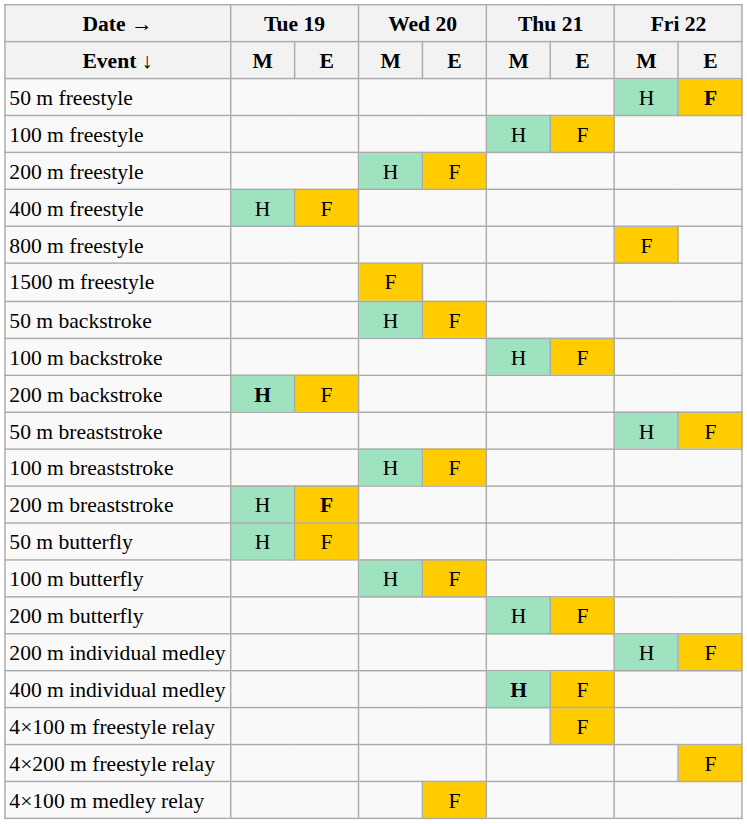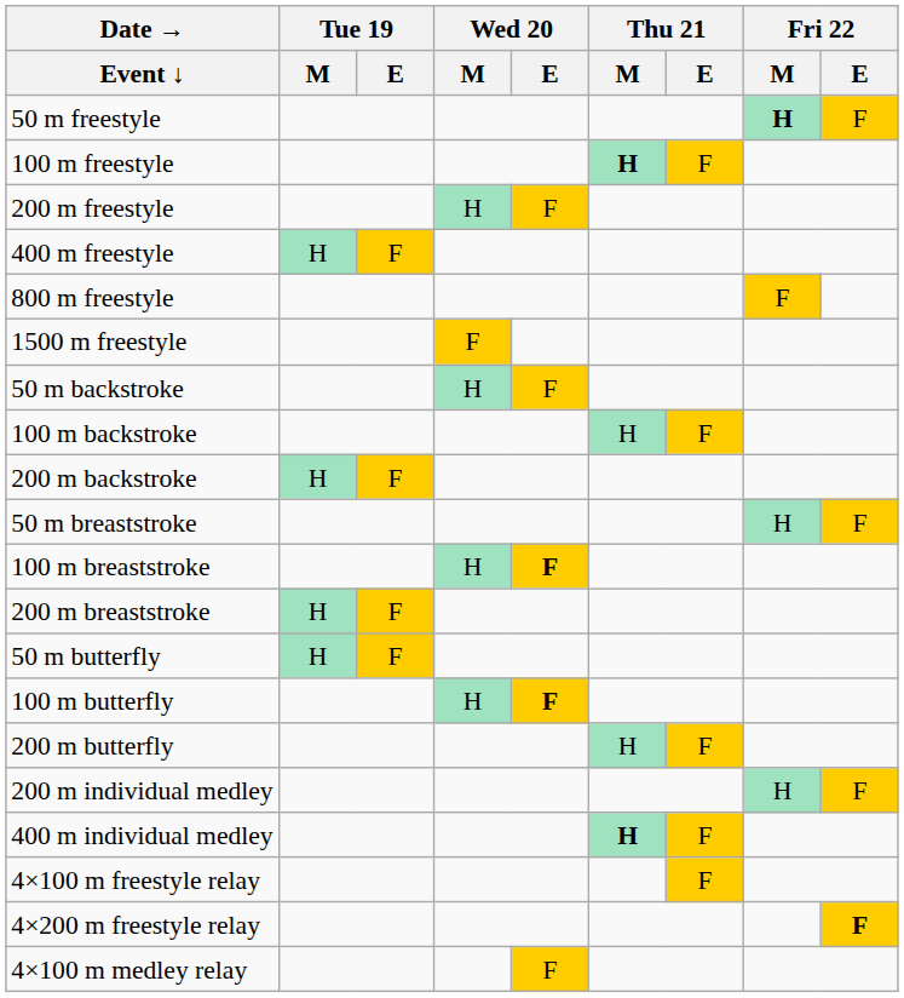 <table class="wikitable" style="margin:0.5em auto; font-size:95%; line-height:1.25em;">
 <tr style="text-align:center;">
 <th>Date →</th>
 <th colspan="2">Tue 19</th>
 <th colspan="2">Wed 20</th>
 <th colspan="2">Thu 21</th>
 <th colspan="2">Fri 22</th>
 </tr>
 <tr>
 <th>Event   ↓</th>
 <th style="width:2.5em;">M</th>
 <th style="width:2.5em;">E</th>
 <th style="width:2.5em;">M</th>
 <th style="width:2.5em;">E</th>
 <th style="width:2.5em;">M</th>
 <th style="width:2.5em;">E</th>
 <th style="width:2.5em;">M</th>
 <th style="width:2.5em;">E</th>
 </tr>
 <tr style="text-align:center;">
 <td style="text-align:left;">50 m freestyle</td>
 <td colspan="2"></td>
 <td colspan="2"></td>
 <td colspan="2"></td>
-<td style="background-color:#9fe2bf;">H</td>
-<td style="background-color:#ffcc00;"><strong>F</strong></td>
+<td style="background-color:#9fe2bf;"><strong>H</strong></td>
+<td style="background-color:#ffcc00;">F</td>
 </tr>
 <tr style="text-align:center;">
 <td style="text-align:left;">100 m freestyle</td>
 <td colspan="2"></td>
 <td colspan="2"></td>
-<td style="background-color:#9fe2bf;">H</td>
+<td style="background-color:#9fe2bf;"><strong>H</strong></td>
 <td style="background-color:#ffcc00;">F</td>
 <td colspan="2"></td>
 </tr>
 <tr style="text-align:center;">
 <td style="text-align:left;">200 m freestyle</td>
 <td colspan="2"></td>
 <td style="background-color:#9fe2bf;">H</td>
 <td style="background-color:#ffcc00;">F</td>
 <td colspan="2"></td>
 <td colspan="2"></td>
 </tr>
 <tr style="text-align:center;">
 <td style="text-align:left;">400 m freestyle</td>
 <td style="background-color:#9fe2bf;">H</td>
 <td style="background-color:#ffcc00;">F</td>
 <td colspan="2"></td>
 <td colspan="2"></td>
 <td colspan="2"></td>
 </tr>
 <tr style="text-align:center;">
 <td style="text-align:left;">800 m freestyle</td>
 <td colspan="2"></td>
 <td colspan="2"></td>
 <td colspan="2"></td>
 <td style="background-color:#ffcc00;">F</td>
 <td></td>
 </tr>
 <tr style="text-align:center;">
 <td style="text-align:left;">1500 m freestyle</td>
 <td colspan="2"></td>
 <td style="background-color:#ffcc00;">F</td>
 <td></td>
 <td colspan="2"></td>
 <td colspan="2"></td>
 </tr>
 <tr style="text-align:center;">
 <td style="text-align:left;">50 m backstroke</td>
 <td colspan="2"></td>
 <td style="background-color:#9fe2bf;">H</td>
 <td style="background-color:#ffcc00;">F</td>
 <td colspan="2"></td>
 <td colspan="2"></td>
 </tr>
 <tr style="text-align:center;">
 <td style="text-align:left;">100 m backstroke</td>
 <td colspan="2"></td>
 <td colspan="2"></td>
 <td style="background-color:#9fe2bf;">H</td>
 <td style="background-color:#ffcc00;">F</td>
 <td colspan="2"></td>
 </tr>
 <tr style="text-align:center;">
 <td style="text-align:left;">200 m backstroke</td>
-<td style="background-color:#9fe2bf;"><strong>H</strong></td>
+<td style="background-color:#9fe2bf;">H</td>
 <td style="background-color:#ffcc00;">F</td>
 <td colspan="2"></td>
 <td colspan="2"></td>
 <td colspan="2"></td>
 </tr>
 <tr style="text-align:center;">
 <td style="text-align:left;">50 m breaststroke</td>
 <td colspan="2"></td>
 <td colspan="2"></td>
 <td colspan="2"></td>
 <td style="background-color:#9fe2bf;">H</td>
 <td style="background-color:#ffcc00;">F</td>
 </tr>
 <tr style="text-align:center;">
 <td style="text-align:left;">100 m breaststroke</td>
 <td colspan="2"></td>
 <td style="background-color:#9fe2bf;">H</td>
-<td style="background-color:#ffcc00;">F</td>
+<td style="background-color:#ffcc00;"><strong>F</strong></td>
 <td colspan="2"></td>
 <td colspan="2"></td>
 </tr>
 <tr style="text-align:center;">
 <td style="text-align:left;">200 m breaststroke</td>
 <td style="background-color:#9fe2bf;">H</td>
-<td style="background-color:#ffcc00;"><strong>F</strong></td>
+<td style="background-color:#ffcc00;">F</td>
 <td colspan="2"></td>
 <td colspan="2"></td>
 <td colspan="2"></td>
 </tr>
 <tr style="text-align:center;">
 <td style="text-align:left;">50 m butterfly</td>
 <td style="background-color:#9fe2bf;">H</td>
 <td style="background-color:#ffcc00;">F</td>
 <td colspan="2"></td>
 <td colspan="2"></td>
 <td colspan="2"></td>
 </tr>
 <tr style="text-align:center;">
 <td style="text-align:left;">100 m butterfly</td>
 <td colspan="2"></td>
 <td style="background-color:#9fe2bf;">H</td>
-<td style="background-color:#ffcc00;">F</td>
+<td style="background-color:#ffcc00;"><strong>F</strong></td>
 <td colspan="2"></td>
 <td colspan="2"></td>
 </tr>
 <tr style="text-align:center;">
 <td style="text-align:left;">200 m butterfly</td>
 <td colspan="2"></td>
 <td colspan="2"></td>
 <td style="background-color:#9fe2bf;">H</td>
 <td style="background-color:#ffcc00;">F</td>
 <td colspan="2"></td>
 </tr>
 <tr style="text-align:center;">
 <td style="text-align:left;">200 m individual medley</td>
 <td colspan="2"></td>
 <td colspan="2"></td>
 <td colspan="2"></td>
 <td style="background-color:#9fe2bf;">H</td>
 <td style="background-color:#ffcc00;">F</td>
 </tr>
 <tr style="text-align:center;">
 <td style="text-align:left;">400 m individual medley</td>
 <td colspan="2"></td>
 <td colspan="2"></td>
 <td style="background-color:#9fe2bf;"><strong>H</strong></td>
 <td style="background-color:#ffcc00;">F</td>
 <td colspan="2"></td>
 </tr>
 <tr style="text-align:center;">
 <td style="text-align:left;">4×100 m freestyle relay</td>
 <td colspan="2"></td>
 <td colspan="2"></td>
 <td></td>
 <td style="background-color:#ffcc00;">F</td>
 <td colspan="2"></td>
 </tr>
 <tr style="text-align:center;">
 <td style="text-align:left;">4×200 m freestyle relay</td>
 <td colspan="2"></td>
 <td colspan="2"></td>
 <td colspan="2"></td>
 <td></td>
-<td style="background-color:#ffcc00;">F</td>
+<td style="background-color:#ffcc00;"><strong>F</strong></td>
 </tr>
 <tr style="text-align:center;">
 <td style="text-align:left;">4×100 m medley relay</td>
 <td colspan="2"></td>
 <td></td>
 <td style="background-color:#ffcc00;">F</td>
 <td colspan="2"></td>
 <td colspan="2"></td>
 </tr>
 </table>
